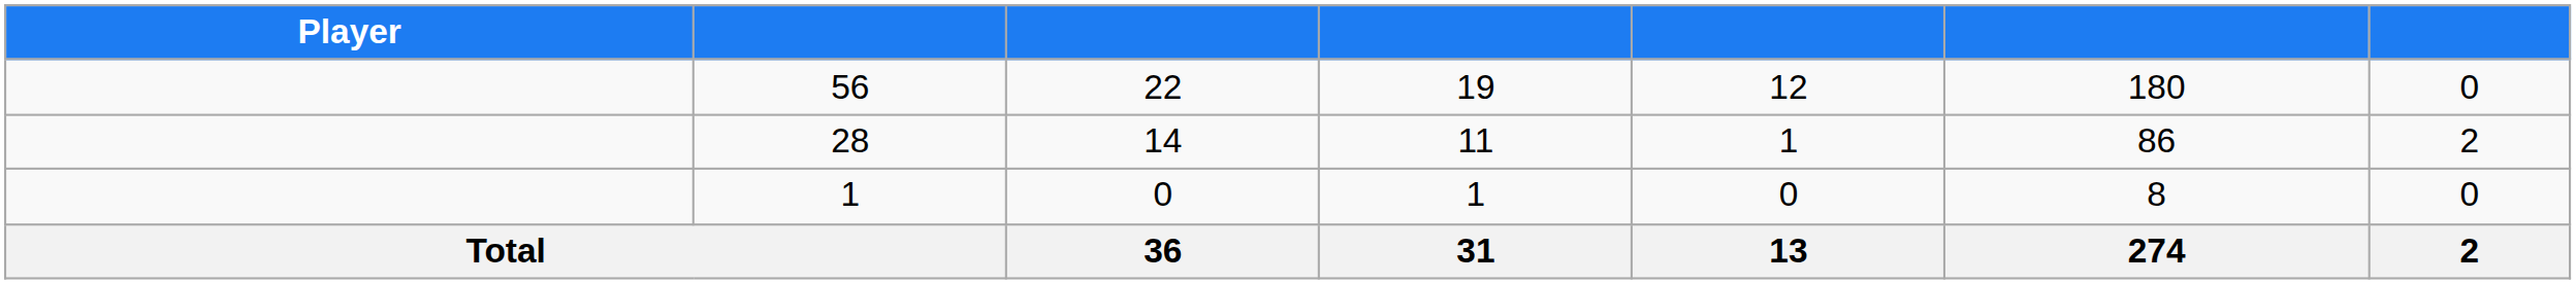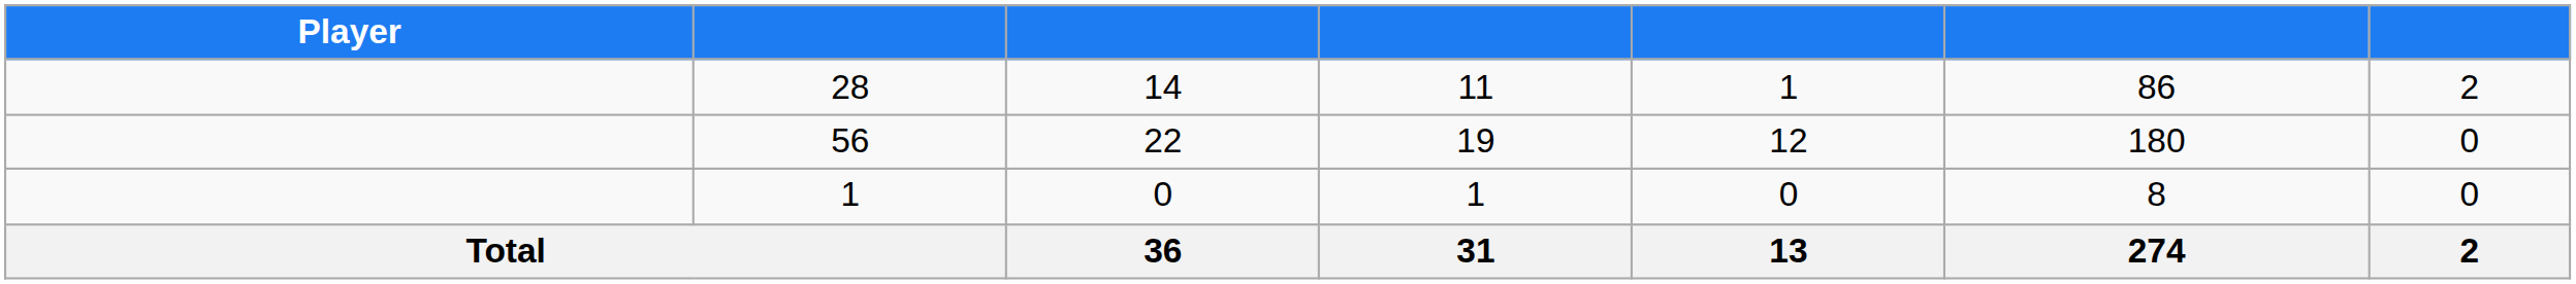 <table class="wikitable sortable" style="width:60%; text-align:center;">
 <tr>
 <th style="color:white; background:#1D7CF2; ">Player</th>
 <th style="color:white; background:#1D7CF2; "></th>
 <th style="color:white; background:#1D7CF2; "></th>
 <th style="color:white; background:#1D7CF2; "></th>
 <th style="color:white; background:#1D7CF2; "></th>
 <th style="color:white; background:#1D7CF2; "></th>
 <th style="color:white; background:#1D7CF2; "></th>
 </tr>
 <tr>
 <td></td>
+<td>28</td>
+<td>14</td>
+<td>11</td>
+<td>1</td>
+<td>86</td>
+<td>2</td>
+</tr>
+<tr>
+<td></td>
 <td>56</td>
 <td>22</td>
 <td>19</td>
 <td>12</td>
 <td>180</td>
 <td>0</td>
-</tr>
-<tr>
-<td></td>
-<td>28</td>
-<td>14</td>
-<td>11</td>
-<td>1</td>
-<td>86</td>
-<td>2</td>
 </tr>
 <tr>
 <td></td>
 <td>1</td>
 <td>0</td>
 <td>1</td>
 <td>0</td>
 <td>8</td>
 <td>0</td>
 </tr>
 <tr class="sortbottom">
 <th colspan=2>Total</th>
 <th>36</th>
 <th>31</th>
 <th>13</th>
 <th>274</th>
 <th>2</th>
 </tr>
 </table>
